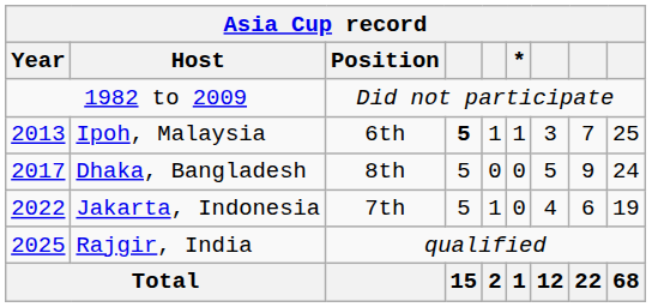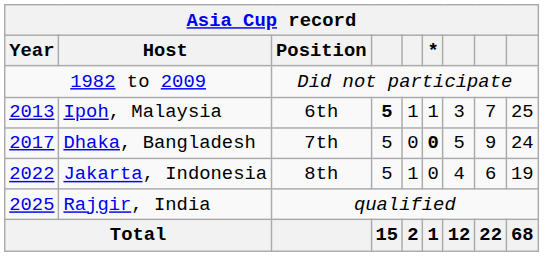 <table class="wikitable" style="text-align: center;">
 <tr>
 <th colspan=9><a href='#'>Asia Cup</a> record</th>
 </tr>
 <tr>
 <th>Year</th>
 <th>Host</th>
 <th>Position</th>
 <th></th>
 <th></th>
 <th> *</th>
 <th></th>
 <th></th>
 <th></th>
 </tr>
 <tr>
 <td colspan=2><a href='#'>1982</a> to <a href='#'>2009</a></td>
 <td colspan=7><em>Did not participate</em></td>
 </tr>
 <tr>
 <td><a href='#'>2013</a></td>
 <td align=left> <a href='#'>Ipoh</a>, Malaysia</td>
 <td>6th</td>
 <td><strong>5</strong></td>
 <td>1</td>
 <td>1</td>
 <td>3</td>
 <td>7</td>
 <td>25</td>
 </tr>
 <tr>
 <td><a href='#'>2017</a></td>
 <td align=left> <a href='#'>Dhaka</a>, Bangladesh</td>
-<td>8th</td>
+<td>7th</td>
 <td>5</td>
 <td>0</td>
-<td>0</td>
+<td><strong>0</strong></td>
 <td>5</td>
 <td>9</td>
 <td>24</td>
 </tr>
 <tr>
 <td><a href='#'>2022</a></td>
 <td align=left> <a href='#'>Jakarta</a>, Indonesia</td>
-<td>7th</td>
+<td>8th</td>
 <td>5</td>
 <td>1</td>
 <td>0</td>
 <td>4</td>
 <td>6</td>
 <td>19</td>
 </tr>
 <tr>
 <td><a href='#'>2025</a></td>
 <td align=left> <a href='#'>Rajgir</a>, India</td>
 <td colspan=7><em>qualified</em></td>
 </tr>
 <tr>
 <th colspan=2>Total</th>
 <th></th>
 <th>15</th>
 <th>2</th>
 <th>1</th>
 <th>12</th>
 <th>22</th>
 <th>68</th>
 </tr>
 </table>
